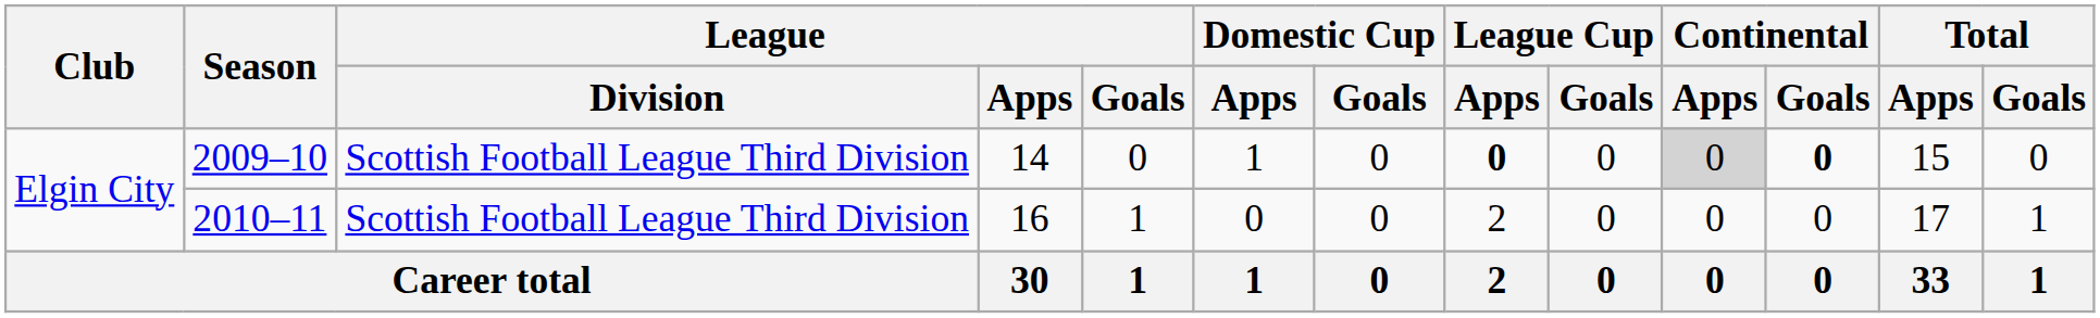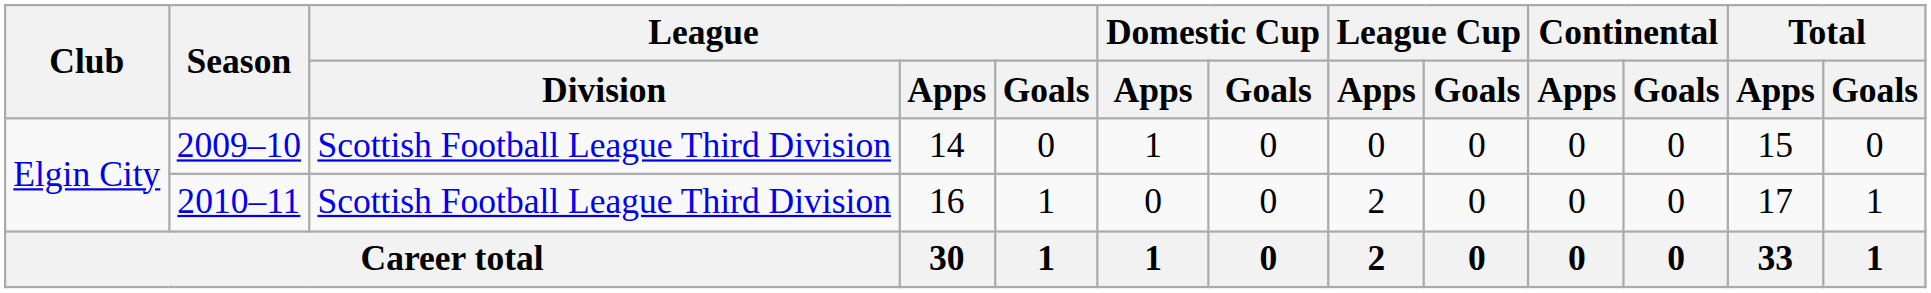 <table class="wikitable" style="text-align: center">
 <tr>
 <th rowspan="2">Club</th>
 <th rowspan="2">Season</th>
 <th colspan="3">League</th>
 <th colspan="2">Domestic Cup</th>
 <th colspan="2">League Cup</th>
 <th colspan="2">Continental</th>
 <th colspan="2">Total</th>
 </tr>
 <tr>
 <th>Division</th>
 <th>Apps</th>
 <th>Goals</th>
 <th>Apps</th>
 <th>Goals</th>
 <th>Apps</th>
 <th>Goals</th>
 <th>Apps</th>
 <th>Goals</th>
 <th>Apps</th>
 <th>Goals</th>
 </tr>
 <tr>
 <td rowspan="2"><a href='#'>Elgin City</a></td>
 <td><a href='#'>2009–10</a></td>
 <td><a href='#'>Scottish Football League Third Division</a></td>
 <td>14</td>
 <td>0</td>
 <td>1</td>
 <td>0</td>
-<td><strong>0</strong></td>
 <td>0</td>
-<td style="background: lightgrey;">0</td>
-<td><strong>0</strong></td>
+<td>0</td>
+<td>0</td>
+<td>0</td>
 <td>15</td>
 <td>0</td>
 </tr>
 <tr>
 <td><a href='#'>2010–11</a></td>
 <td><a href='#'>Scottish Football League Third Division</a></td>
 <td>16</td>
 <td>1</td>
 <td>0</td>
 <td>0</td>
 <td>2</td>
 <td>0</td>
 <td>0</td>
 <td>0</td>
 <td>17</td>
 <td>1</td>
 </tr>
 <tr>
 <th colspan="3"><strong>Career total</strong></th>
 <th>30</th>
 <th>1</th>
 <th>1</th>
 <th>0</th>
 <th>2</th>
 <th>0</th>
 <th>0</th>
 <th>0</th>
 <th>33</th>
 <th>1</th>
 </tr>
 </table>
